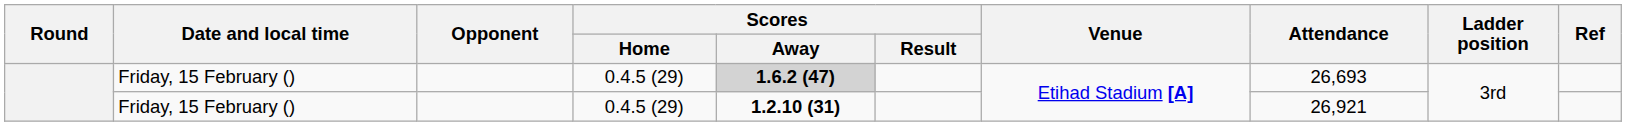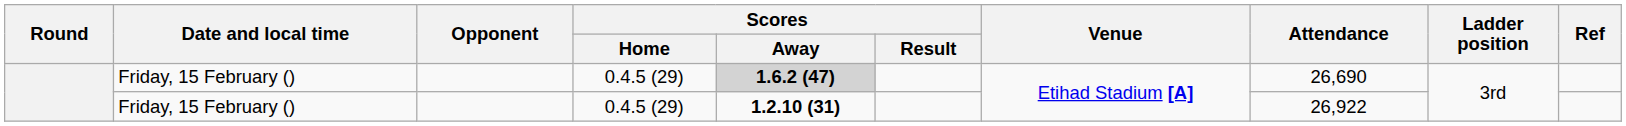 <table class="wikitable plainrowheaders" style="font-size:90%; width:100%; text-align:center;">
 <tr>
 <th scope="col" rowspan=2>Round</th>
 <th scope="col" rowspan=2>Date and local time</th>
 <th scope="col" rowspan=2>Opponent</th>
 <th scope="col" colspan=3>Scores</th>
 <th scope="col" rowspan=2>Venue</th>
 <th scope="col" rowspan=2>Attendance</th>
 <th scope="col" rowspan=2>Ladder<br>position</th>
 <th scope="col" rowspan=2>Ref</th>
 </tr>
 <tr>
 <th scope="col">Home</th>
 <th scope="col">Away</th>
 <th scope="col">Result</th>
 </tr>
 <tr>
 <th scope="row" rowspan=2></th>
 <td align=left>Friday, 15 February ()</td>
 <td align=left></td>
 <td>0.4.5 (29)</td>
 <td style="background: lightgrey;"><strong>1.6.2 (47) </strong></td>
 <td></td>
 <td rowspan=2><a href='#'>Etihad Stadium</a> <a href='#'><strong>[A]</strong></a></td>
-<td>26,693</td>
+<td>26,690</td>
 <td rowspan=2>3rd</td>
 <td></td>
 </tr>
 <tr>
 <td align=left>Friday, 15 February ()</td>
 <td align=left></td>
 <td>0.4.5 (29)</td>
 <td><strong>1.2.10 (31)</strong></td>
 <td></td>
-<td>26,921</td>
+<td>26,922</td>
 <td></td>
 </tr>
 </table>
